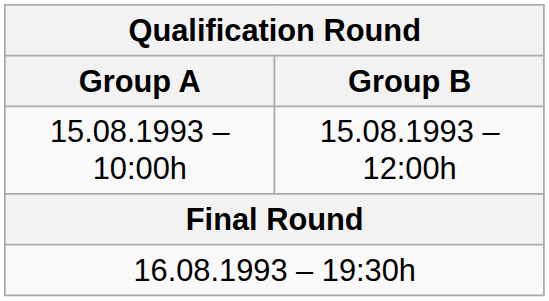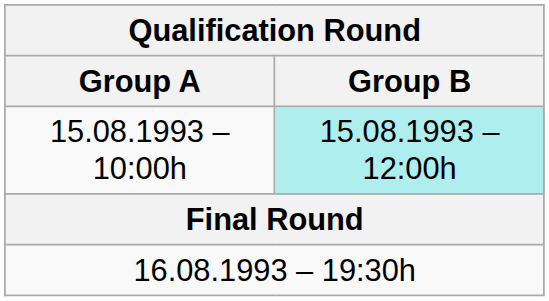 <table class="wikitable" style=" text-align:center; font-size:110%;" width="35%">
 <tr>
 <th colspan="2">Qualification Round</th>
 </tr>
 <tr>
 <th>Group A</th>
 <th>Group B</th>
 </tr>
 <tr>
 <td>15.08.1993 – 10:00h</td>
-<td>15.08.1993 – 12:00h</td>
+<td style="background: paleturquoise;">15.08.1993 – 12:00h</td>
 </tr>
 <tr>
 <th colspan="2">Final Round</th>
 </tr>
 <tr>
 <td colspan="2">16.08.1993 – 19:30h</td>
 </tr>
 </table>
